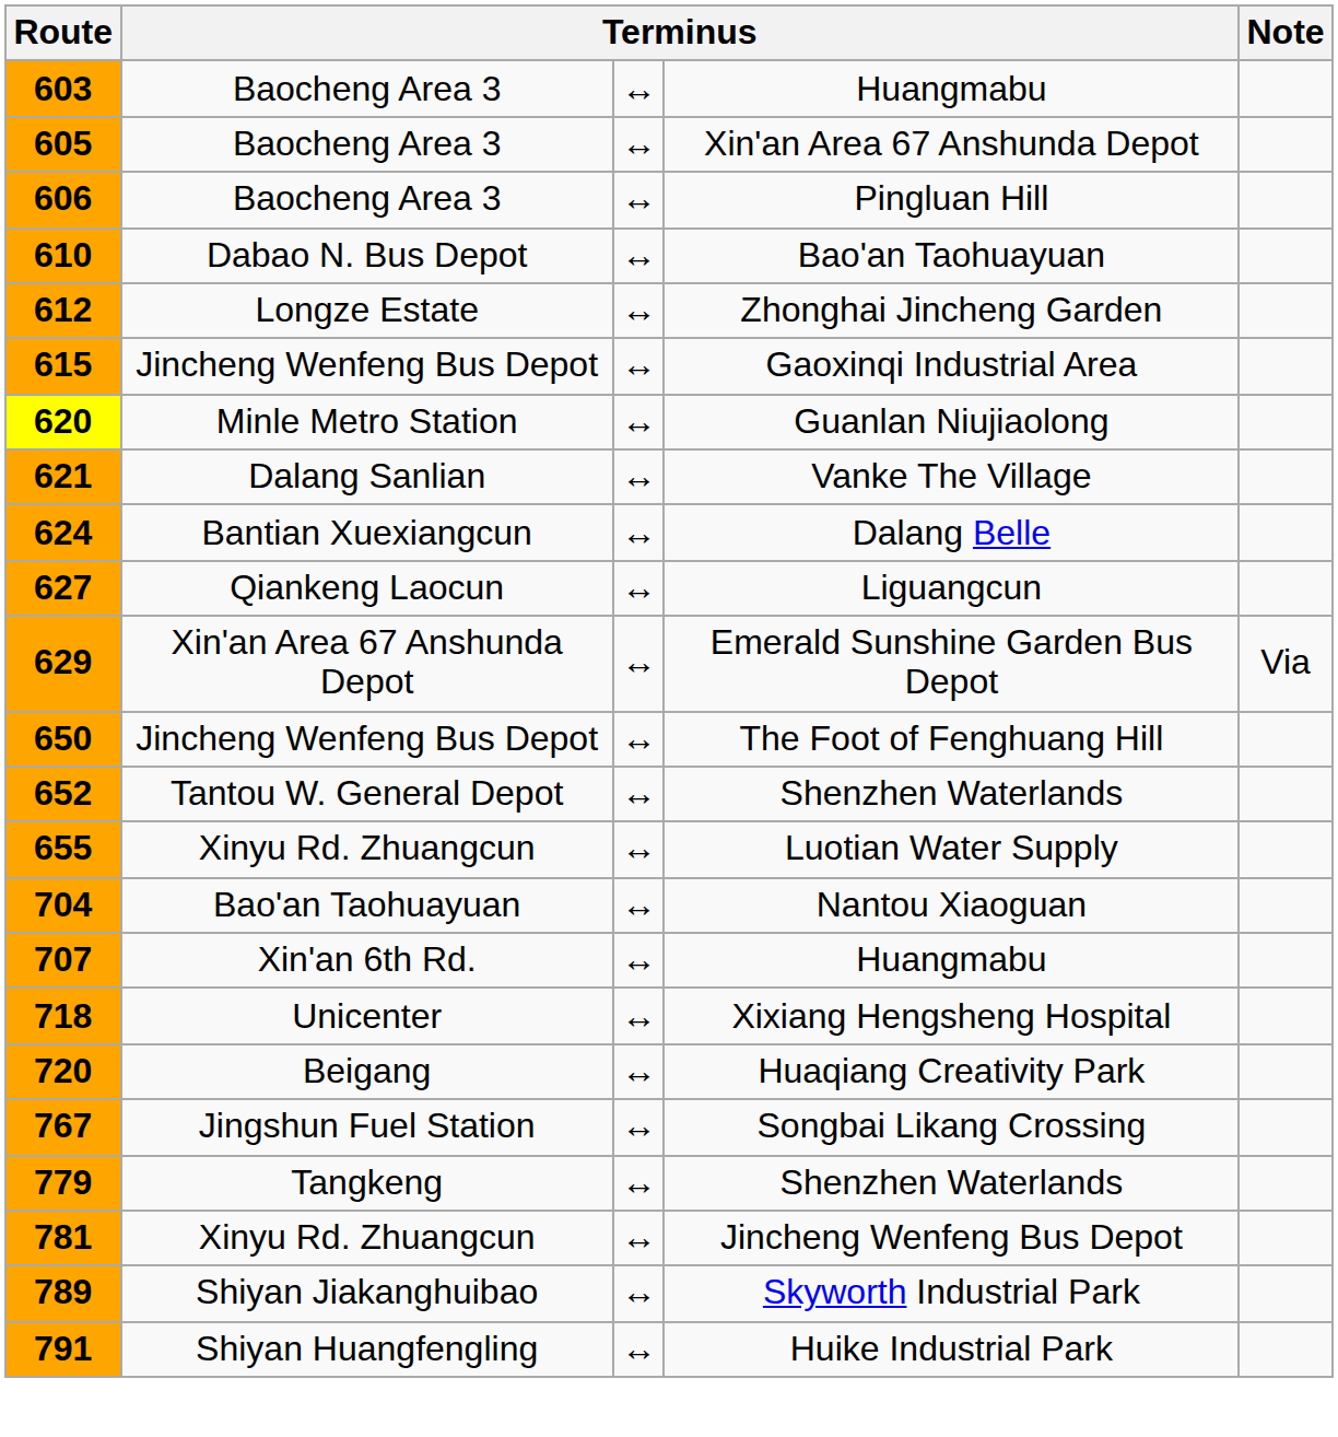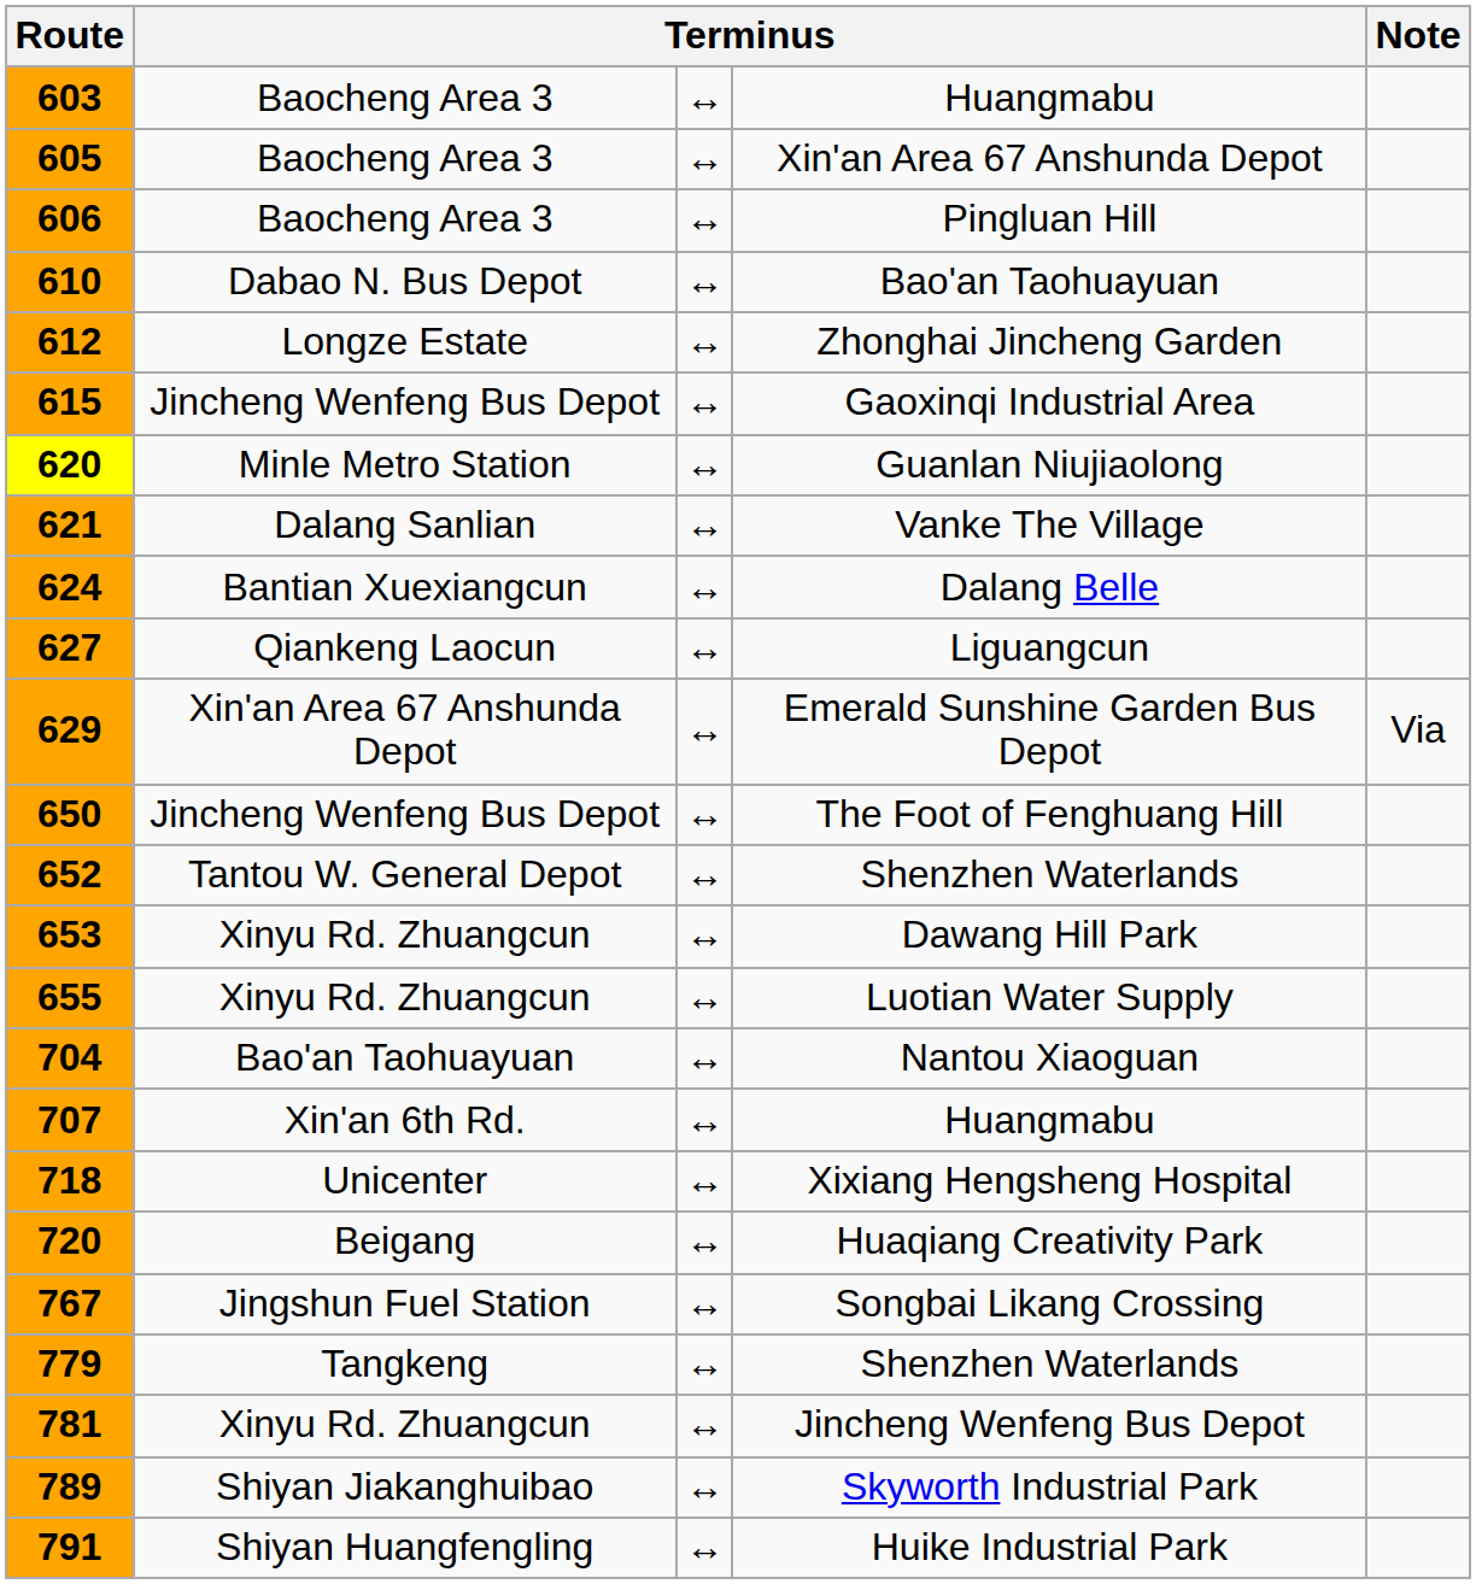 <table class="wikitable" style="text-align: center;">
 <tr>
 <th>Route</th>
 <th colspan="3">Terminus</th>
 <th>Note</th>
 </tr>
 <tr>
 <td style="background:orange;color:black"><strong>603</strong></td>
 <td>Baocheng Area 3</td>
 <td>↔</td>
 <td>Huangmabu</td>
 <td></td>
 </tr>
 <tr>
 <td style="background:orange;color:black"><strong>605</strong></td>
 <td>Baocheng Area 3</td>
 <td>↔</td>
 <td>Xin'an Area 67 Anshunda Depot</td>
 <td></td>
 </tr>
 <tr>
 <td style="background:orange;color:black"><strong>606</strong></td>
 <td>Baocheng Area 3</td>
 <td>↔</td>
 <td>Pingluan Hill</td>
 <td></td>
 </tr>
 <tr>
 <td style="background:orange;color:black"><strong>610</strong></td>
 <td>Dabao N. Bus Depot</td>
 <td>↔</td>
 <td>Bao'an Taohuayuan</td>
 <td></td>
 </tr>
 <tr>
 <td style="background:orange;color:black"><strong>612</strong></td>
 <td>Longze Estate</td>
 <td>↔</td>
 <td>Zhonghai Jincheng Garden</td>
 <td></td>
 </tr>
 <tr>
 <td style="background:orange;color:black"><strong>615</strong></td>
 <td>Jincheng Wenfeng Bus Depot</td>
 <td>↔</td>
 <td>Gaoxinqi Industrial Area</td>
 <td></td>
 </tr>
 <tr>
 <td style="background:yellow;color:black"><strong>620</strong></td>
 <td>Minle Metro Station</td>
 <td>↔</td>
 <td>Guanlan Niujiaolong</td>
 <td></td>
 </tr>
 <tr>
 <td style="background:orange;color:black"><strong>621</strong></td>
 <td>Dalang Sanlian</td>
 <td>↔</td>
 <td>Vanke The Village</td>
 <td></td>
 </tr>
 <tr>
 <td style="background:orange;color:black"><strong>624</strong></td>
 <td>Bantian Xuexiangcun</td>
 <td>↔</td>
 <td>Dalang <a href='#'>Belle</a></td>
 <td></td>
 </tr>
 <tr>
 <td style="background:orange;color:black"><strong>627</strong></td>
 <td>Qiankeng Laocun</td>
 <td>↔</td>
 <td>Liguangcun</td>
 <td></td>
 </tr>
 <tr>
 <td style="background:orange;color:black"><strong>629</strong></td>
 <td>Xin'an Area 67 Anshunda Depot</td>
 <td>↔</td>
 <td>Emerald Sunshine Garden Bus Depot</td>
 <td>Via </td>
 </tr>
 <tr>
 <td style="background:orange;color:black"><strong>650</strong></td>
 <td>Jincheng Wenfeng Bus Depot</td>
 <td>↔</td>
 <td>The Foot of Fenghuang Hill</td>
 <td></td>
 </tr>
 <tr>
 <td style="background:orange;color:black"><strong>652</strong></td>
 <td>Tantou W. General Depot</td>
 <td>↔</td>
 <td>Shenzhen Waterlands</td>
 <td></td>
 </tr>
 <tr>
+<td style="background:orange;color:black"><strong>653</strong></td>
+<td>Xinyu Rd. Zhuangcun</td>
+<td>↔</td>
+<td>Dawang Hill Park</td>
+<td></td>
+</tr>
+<tr>
 <td style="background:orange;color:black"><strong>655</strong></td>
 <td>Xinyu Rd. Zhuangcun</td>
 <td>↔</td>
 <td>Luotian Water Supply</td>
 <td></td>
 </tr>
 <tr>
 <td style="background:orange;color:black"><strong>704</strong></td>
 <td>Bao'an Taohuayuan</td>
 <td>↔</td>
 <td>Nantou Xiaoguan</td>
 <td></td>
 </tr>
 <tr>
 <td style="background:orange;color:black"><strong>707</strong></td>
 <td>Xin'an 6th Rd.</td>
 <td>↔</td>
 <td>Huangmabu</td>
 <td></td>
 </tr>
 <tr>
 <td style="background:orange;color:black"><strong>718</strong></td>
 <td>Unicenter</td>
 <td>↔</td>
 <td>Xixiang Hengsheng Hospital</td>
 <td></td>
 </tr>
 <tr>
 <td style="background:orange;color:black"><strong>720</strong></td>
 <td>Beigang</td>
 <td>↔</td>
 <td>Huaqiang Creativity Park</td>
 <td></td>
 </tr>
 <tr>
 <td style="background:orange;color:black"><strong>767</strong></td>
 <td>Jingshun Fuel Station</td>
 <td>↔</td>
 <td>Songbai Likang Crossing</td>
 <td></td>
 </tr>
 <tr>
 <td style="background:orange;color:black"><strong>779</strong></td>
 <td>Tangkeng</td>
 <td>↔</td>
 <td>Shenzhen Waterlands</td>
 <td></td>
 </tr>
 <tr>
 <td style="background:orange;color:black"><strong>781</strong></td>
 <td>Xinyu Rd. Zhuangcun</td>
 <td>↔</td>
 <td>Jincheng Wenfeng Bus Depot</td>
 <td></td>
 </tr>
 <tr>
 <td style="background:orange;color:black"><strong>789</strong></td>
 <td>Shiyan Jiakanghuibao</td>
 <td>↔</td>
 <td><a href='#'>Skyworth</a> Industrial Park</td>
 <td></td>
 </tr>
 <tr align="center">
 <td style="background:orange;color:black"><strong>791</strong></td>
 <td>Shiyan Huangfengling</td>
 <td>↔</td>
 <td>Huike Industrial Park</td>
 <td></td>
 </tr>
 </table>
